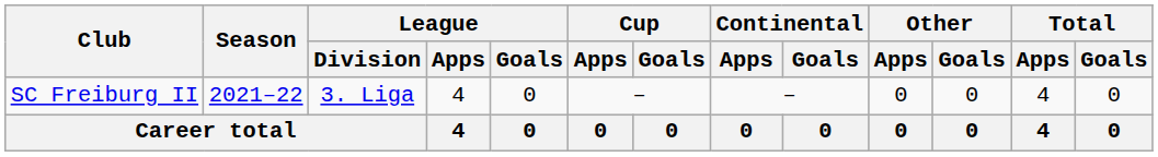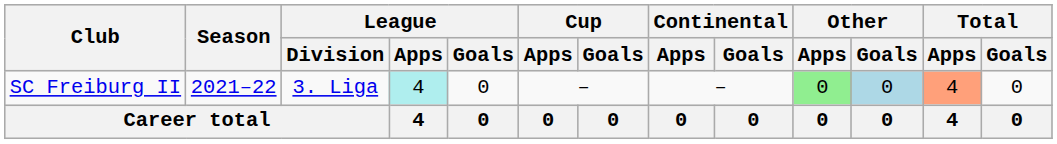 <table class="wikitable" style="text-align:center">
 <tr>
 <th rowspan="2">Club</th>
 <th rowspan="2">Season</th>
 <th colspan="3">League</th>
 <th colspan="2">Cup</th>
 <th colspan="2">Continental</th>
 <th colspan="2">Other</th>
 <th colspan="2">Total</th>
 </tr>
 <tr>
 <th>Division</th>
 <th>Apps</th>
 <th>Goals</th>
 <th>Apps</th>
 <th>Goals</th>
 <th>Apps</th>
 <th>Goals</th>
 <th>Apps</th>
 <th>Goals</th>
 <th>Apps</th>
 <th>Goals</th>
 </tr>
 <tr>
 <td><a href='#'>SC Freiburg II</a></td>
 <td><a href='#'>2021–22</a></td>
 <td><a href='#'>3. Liga</a></td>
-<td>4</td>
+<td style="background: paleturquoise;">4</td>
 <td>0</td>
 <td colspan="2">–</td>
 <td colspan="2">–</td>
-<td>0</td>
-<td>0</td>
-<td>4</td>
+<td style="background: lightgreen;">0</td>
+<td style="background: lightblue;">0</td>
+<td style="background: lightsalmon;">4</td>
 <td>0</td>
 </tr>
 <tr>
 <th colspan="3">Career total</th>
 <th>4</th>
 <th>0</th>
 <th>0</th>
 <th>0</th>
 <th>0</th>
 <th>0</th>
 <th>0</th>
 <th>0</th>
 <th>4</th>
 <th>0</th>
 </tr>
 </table>
